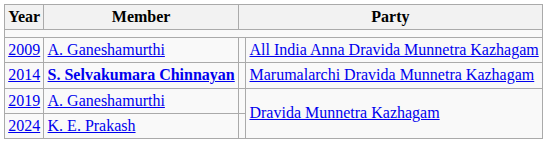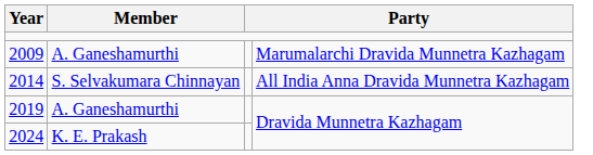 <table class="wikitable">
 <tr>
 <th>Year</th>
 <th>Member</th>
 <th colspan="2">Party</th>
 </tr>
 <tr>
 <td colspan="4"></td>
 </tr>
 <tr>
 <td><a href='#'>2009</a></td>
 <td><a href='#'>A. Ganeshamurthi</a></td>
 <td style="background-color: "></td>
-<td><a href='#'>All India Anna Dravida Munnetra Kazhagam</a></td>
+<td><a href='#'>Marumalarchi Dravida Munnetra Kazhagam</a></td>
 </tr>
 <tr>
 <td><a href='#'>2014</a></td>
-<td><strong><a href='#'>S. Selvakumara Chinnayan</a></strong></td>
+<td><a href='#'>S. Selvakumara Chinnayan</a></td>
 <td style="background-color: "></td>
-<td><a href='#'>Marumalarchi Dravida Munnetra Kazhagam</a></td>
+<td><a href='#'>All India Anna Dravida Munnetra Kazhagam</a></td>
 </tr>
 <tr>
 <td><a href='#'>2019</a></td>
 <td><a href='#'>A. Ganeshamurthi</a></td>
 <td style="background-color: "></td>
 <td rowspan=2><a href='#'>Dravida Munnetra Kazhagam</a></td>
 </tr>
 <tr>
 <td><a href='#'>2024</a></td>
 <td><a href='#'>K. E. Prakash</a></td>
 <td style="background-color: "></td>
 </tr>
 </table>
